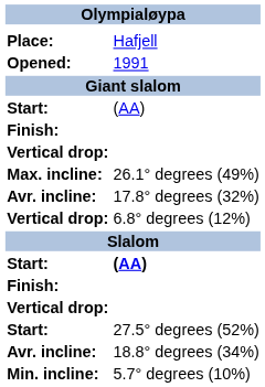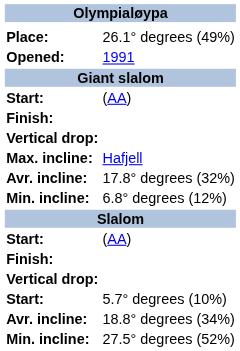 <table border=0 class="toccolours float-right" align="right" style="margin:0 0 0.5em 1em; font-size: 85%;">
 <tr>
 <th bgcolor=#b0c4de colspan=2 align="center">Olympialøypa</th>
 </tr>
 <tr>
 <td align="center" colspan=2></td>
 </tr>
 <tr>
 <td><strong>Place:</strong></td>
-<td> <a href='#'>Hafjell</a></td>
+<td>26.1° degrees (49%)</td>
 </tr>
 <tr>
 <td><strong>Opened:</strong></td>
 <td><a href='#'>1991</a></td>
 </tr>
 <tr>
 <th bgcolor=#b0c4de colspan=2 align="center">Giant slalom</th>
 </tr>
 <tr>
 <td><strong>Start:</strong></td>
 <td> (<a href='#'>AA</a>)</td>
 </tr>
 <tr>
 <td><strong>Finish:</strong></td>
 <td></td>
 </tr>
 <tr>
 <td><strong>Vertical drop:</strong></td>
 <td></td>
 </tr>
 <tr>
 <td><strong>Max. incline:</strong></td>
-<td>26.1° degrees (49%)</td>
+<td> <a href='#'>Hafjell</a></td>
 </tr>
 <tr>
 <td><strong>Avr. incline:</strong></td>
 <td>17.8° degrees (32%)</td>
 </tr>
 <tr>
-<td><strong>Vertical drop:</strong></td>
+<td><strong>Min. incline:</strong></td>
 <td>6.8° degrees (12%)</td>
 </tr>
 <tr>
 <th bgcolor=#b0c4de colspan=2 align="center">Slalom</th>
 </tr>
 <tr>
 <td><strong>Start:</strong></td>
-<td><strong> (<a href='#'>AA</a>)</strong></td>
+<td> (<a href='#'>AA</a>)</td>
 </tr>
 <tr>
 <td><strong>Finish:</strong></td>
 <td></td>
 </tr>
 <tr>
 <td><strong>Vertical drop:</strong></td>
 <td></td>
 </tr>
 <tr>
 <td><strong>Start:</strong></td>
-<td>27.5° degrees (52%)</td>
+<td>5.7° degrees (10%)</td>
 </tr>
 <tr>
 <td><strong>Avr. incline:</strong></td>
 <td>18.8° degrees (34%)</td>
 </tr>
 <tr>
 <td><strong>Min. incline:</strong></td>
-<td>5.7° degrees (10%)</td>
+<td>27.5° degrees (52%)</td>
 </tr>
 </table>
